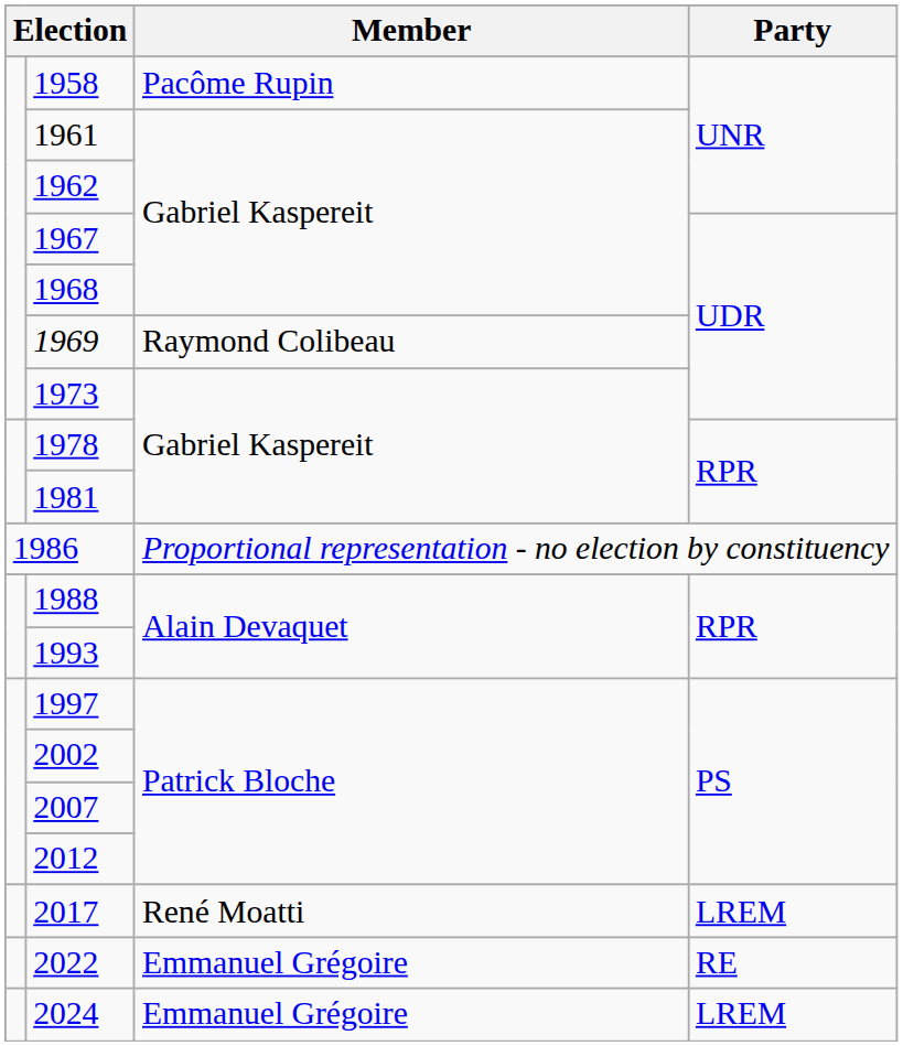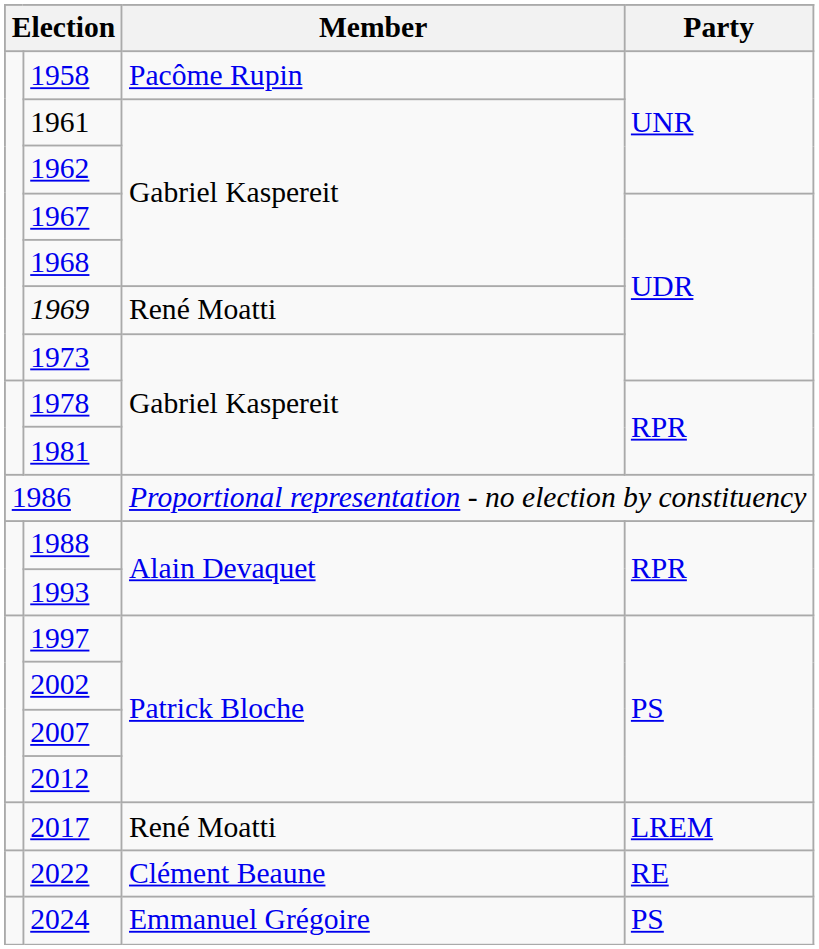 <table class="wikitable">
 <tr>
 <th colspan="2">Election</th>
 <th>Member</th>
 <th>Party</th>
 </tr>
 <tr>
 <td rowspan="7" style="color:inherit;background-color: "></td>
 <td><a href='#'>1958</a></td>
 <td><a href='#'>Pacôme Rupin</a></td>
 <td rowspan="3"><a href='#'>UNR</a></td>
 </tr>
 <tr>
 <td>1961</td>
 <td rowspan="4">Gabriel Kaspereit</td>
 </tr>
 <tr>
 <td><a href='#'>1962</a></td>
 </tr>
 <tr>
 <td><a href='#'>1967</a></td>
 <td rowspan="4"><a href='#'>UDR</a></td>
 </tr>
 <tr>
 <td><a href='#'>1968</a></td>
 </tr>
 <tr>
 <td><em>1969</em></td>
-<td>Raymond Colibeau</td>
+<td>René Moatti</td>
 </tr>
 <tr>
 <td><a href='#'>1973</a></td>
 <td rowspan="3">Gabriel Kaspereit</td>
 </tr>
 <tr>
 <td rowspan="2" style="color:inherit;background-color: "></td>
 <td><a href='#'>1978</a></td>
 <td rowspan="2"><a href='#'>RPR</a></td>
 </tr>
 <tr>
 <td><a href='#'>1981</a></td>
 </tr>
 <tr>
 <td colspan="2"><a href='#'>1986</a></td>
 <td colspan="2"><em><a href='#'>Proportional representation</a> - no election by constituency</em></td>
 </tr>
 <tr>
 <td rowspan="2" style="color:inherit;background-color: "></td>
 <td><a href='#'>1988</a></td>
 <td rowspan="2"><a href='#'>Alain Devaquet</a></td>
 <td rowspan="2"><a href='#'>RPR</a></td>
 </tr>
 <tr>
 <td><a href='#'>1993</a></td>
 </tr>
 <tr>
 <td rowspan="4" style="color:inherit;background-color: "></td>
 <td><a href='#'>1997</a></td>
 <td rowspan="4"><a href='#'>Patrick Bloche</a></td>
 <td rowspan="4"><a href='#'>PS</a></td>
 </tr>
 <tr>
 <td><a href='#'>2002</a></td>
 </tr>
 <tr>
 <td><a href='#'>2007</a></td>
 </tr>
 <tr>
 <td><a href='#'>2012</a></td>
 </tr>
 <tr>
 <td style="color:inherit;background-color: "></td>
 <td><a href='#'>2017</a></td>
 <td>René Moatti</td>
 <td><a href='#'>LREM</a></td>
 </tr>
 <tr>
 <td style="color:inherit;background-color: "></td>
 <td><a href='#'>2022</a></td>
-<td><a href='#'>Emmanuel Grégoire</a></td>
+<td><a href='#'>Clément Beaune</a></td>
 <td><a href='#'>RE</a></td>
 </tr>
 <tr>
 <td style="color:inherit;background-color: "></td>
 <td><a href='#'>2024</a></td>
 <td><a href='#'>Emmanuel Grégoire</a></td>
-<td><a href='#'>LREM</a></td>
+<td><a href='#'>PS</a></td>
 </tr>
 </table>
